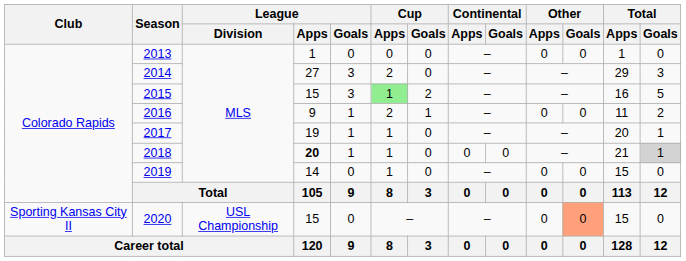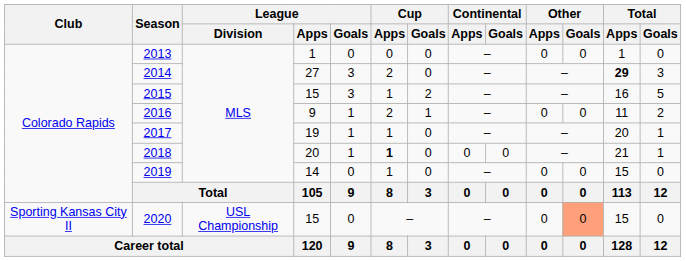 <table class="wikitable" style="text-align: center;">
 <tr>
 <th rowspan=2>Club</th>
 <th rowspan=2>Season</th>
 <th colspan=3>League</th>
 <th colspan=2>Cup</th>
 <th colspan=2>Continental</th>
 <th colspan=2>Other</th>
 <th colspan=2>Total</th>
 </tr>
 <tr>
 <th>Division</th>
 <th>Apps</th>
 <th>Goals</th>
 <th>Apps</th>
 <th>Goals</th>
 <th>Apps</th>
 <th>Goals</th>
 <th>Apps</th>
 <th>Goals</th>
 <th>Apps</th>
 <th>Goals</th>
 </tr>
 <tr>
 <td rowspan=8><a href='#'>Colorado Rapids</a></td>
 <td><a href='#'>2013</a></td>
 <td rowspan=7><a href='#'>MLS</a></td>
 <td>1</td>
 <td>0</td>
 <td>0</td>
 <td>0</td>
 <td colspan=2>–</td>
 <td>0</td>
 <td>0</td>
 <td>1</td>
 <td>0</td>
 </tr>
 <tr>
 <td><a href='#'>2014</a></td>
 <td>27</td>
 <td>3</td>
 <td>2</td>
 <td>0</td>
 <td colspan=2>–</td>
 <td colspan=2>–</td>
-<td>29</td>
+<td><strong>29</strong></td>
 <td>3</td>
 </tr>
 <tr>
 <td><a href='#'>2015</a></td>
 <td>15</td>
 <td>3</td>
-<td style="background: lightgreen;">1</td>
+<td>1</td>
 <td>2</td>
 <td colspan=2>–</td>
 <td colspan=2>–</td>
 <td>16</td>
 <td>5</td>
 </tr>
 <tr>
 <td><a href='#'>2016</a></td>
 <td>9</td>
 <td>1</td>
 <td>2</td>
 <td>1</td>
 <td colspan=2>–</td>
 <td>0</td>
 <td>0</td>
 <td>11</td>
 <td>2</td>
 </tr>
 <tr>
 <td><a href='#'>2017</a></td>
 <td>19</td>
 <td>1</td>
 <td>1</td>
 <td>0</td>
 <td colspan=2>–</td>
 <td colspan=2>–</td>
 <td>20</td>
 <td>1</td>
 </tr>
 <tr>
 <td><a href='#'>2018</a></td>
-<td><strong>20</strong></td>
+<td>20</td>
 <td>1</td>
-<td>1</td>
+<td><strong>1</strong></td>
 <td>0</td>
 <td>0</td>
 <td>0</td>
 <td colspan=2>–</td>
 <td>21</td>
-<td style="background: lightgrey;">1</td>
+<td>1</td>
 </tr>
 <tr>
 <td><a href='#'>2019</a></td>
 <td>14</td>
 <td>0</td>
 <td>1</td>
 <td>0</td>
 <td colspan=2>–</td>
 <td>0</td>
 <td>0</td>
 <td>15</td>
 <td>0</td>
 </tr>
 <tr>
 <th colspan=2>Total</th>
 <th>105</th>
 <th>9</th>
 <th>8</th>
 <th>3</th>
 <th>0</th>
 <th>0</th>
 <th>0</th>
 <th>0</th>
 <th>113</th>
 <th>12</th>
 </tr>
 <tr>
 <td><a href='#'>Sporting Kansas City II</a></td>
 <td><a href='#'>2020</a></td>
 <td><a href='#'>USL Championship</a></td>
 <td>15</td>
 <td>0</td>
 <td colspan=2>–</td>
 <td colspan=2>–</td>
 <td>0</td>
 <td style="background: lightsalmon;">0</td>
 <td>15</td>
 <td>0</td>
 </tr>
 <tr>
 <th colspan=3>Career total</th>
 <th>120</th>
 <th>9</th>
 <th>8</th>
 <th>3</th>
 <th>0</th>
 <th>0</th>
 <th>0</th>
 <th>0</th>
 <th>128</th>
 <th>12</th>
 </tr>
 </table>
